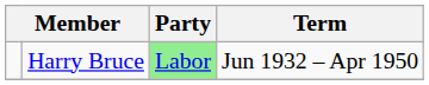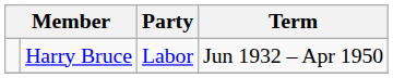 <table class="wikitable">
 <tr>
 <th colspan=2>Member</th>
 <th>Party</th>
 <th>Term</th>
 </tr>
 <tr>
 <td> </td>
 <td><a href='#'>Harry Bruce</a></td>
-<td style="background: lightgreen;"><a href='#'>Labor</a></td>
+<td><a href='#'>Labor</a></td>
 <td>Jun 1932 – Apr 1950</td>
 </tr>
 <tr>
 </tr>
 </table>
